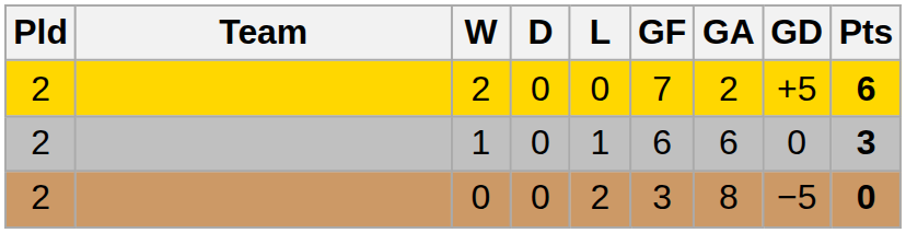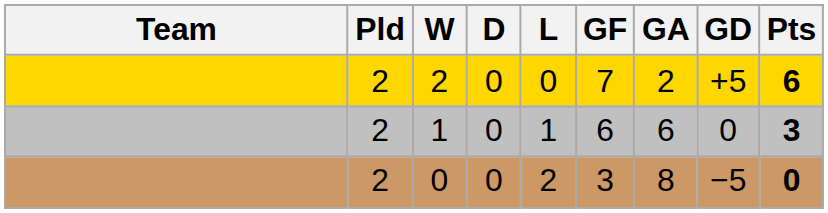 <table class="wikitable" style="text-align:center">
 <tr>
+<th width=165>Team</th>
 <th width=20>Pld</th>
-<th width=165>Team</th>
 <th width=20>W</th>
 <th width=20>D</th>
 <th width=20>L</th>
 <th width=20>GF</th>
 <th width=20>GA</th>
 <th width=20>GD</th>
 <th width=20>Pts</th>
 </tr>
 <tr bgcolor=gold>
+<td align="left"></td>
 <td>2</td>
-<td align="left"></td>
 <td>2</td>
 <td>0</td>
 <td>0</td>
 <td>7</td>
 <td>2</td>
 <td>+5</td>
 <td><strong>6</strong></td>
 </tr>
 <tr bgcolor=silver>
+<td align="left"></td>
 <td>2</td>
-<td align="left"></td>
 <td>1</td>
 <td>0</td>
 <td>1</td>
 <td>6</td>
 <td>6</td>
 <td>0</td>
 <td><strong>3</strong></td>
 </tr>
 <tr bgcolor=#cc9966>
+<td align="left"></td>
 <td>2</td>
-<td align="left"></td>
 <td>0</td>
 <td>0</td>
 <td>2</td>
 <td>3</td>
 <td>8</td>
 <td>−5</td>
 <td><strong>0</strong></td>
 </tr>
 </table>
